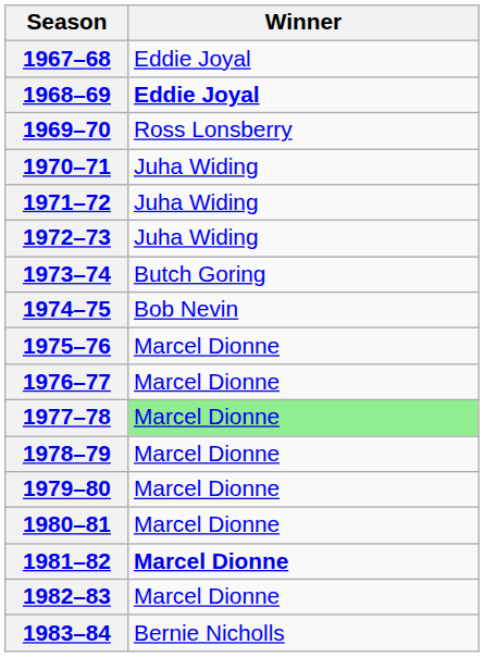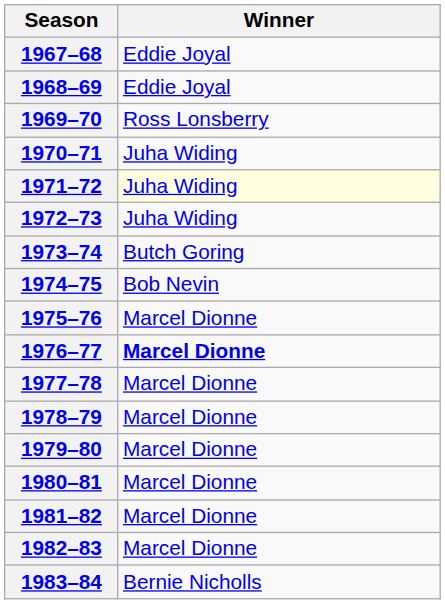 <table class="wikitable">
 <tr>
 <th scope="col" style="width:5em">Season</th>
 <th scope="col" style="width:15em">Winner</th>
 </tr>
 <tr>
 <th scope="row"><a href='#'>1967–68</a></th>
 <td><a href='#'>Eddie Joyal</a></td>
 </tr>
 <tr>
 <th scope="row"><a href='#'>1968–69</a></th>
-<td><strong><a href='#'>Eddie Joyal</a></strong></td>
+<td><a href='#'>Eddie Joyal</a></td>
 </tr>
 <tr>
 <th scope="row"><a href='#'>1969–70</a></th>
 <td><a href='#'>Ross Lonsberry</a></td>
 </tr>
 <tr>
 <th scope="row"><a href='#'>1970–71</a></th>
 <td><a href='#'>Juha Widing</a></td>
 </tr>
 <tr>
 <th scope="row"><a href='#'>1971–72</a></th>
-<td><a href='#'>Juha Widing</a></td>
+<td style="background: lightyellow;"><a href='#'>Juha Widing</a></td>
 </tr>
 <tr>
 <th scope="row"><a href='#'>1972–73</a></th>
 <td><a href='#'>Juha Widing</a></td>
 </tr>
 <tr>
 <th scope="row"><a href='#'>1973–74</a></th>
 <td><a href='#'>Butch Goring</a></td>
 </tr>
 <tr>
 <th scope="row"><a href='#'>1974–75</a></th>
 <td><a href='#'>Bob Nevin</a></td>
 </tr>
 <tr>
 <th scope="row"><a href='#'>1975–76</a></th>
 <td><a href='#'>Marcel Dionne</a></td>
 </tr>
 <tr>
 <th scope="row"><a href='#'>1976–77</a></th>
-<td><a href='#'>Marcel Dionne</a></td>
+<td><strong><a href='#'>Marcel Dionne</a></strong></td>
 </tr>
 <tr>
 <th scope="row"><a href='#'>1977–78</a></th>
-<td style="background: lightgreen;"><a href='#'>Marcel Dionne</a></td>
+<td><a href='#'>Marcel Dionne</a></td>
 </tr>
 <tr>
 <th scope="row"><a href='#'>1978–79</a></th>
 <td><a href='#'>Marcel Dionne</a></td>
 </tr>
 <tr>
 <th scope="row"><a href='#'>1979–80</a></th>
 <td><a href='#'>Marcel Dionne</a></td>
 </tr>
 <tr>
 <th scope="row"><a href='#'>1980–81</a></th>
 <td><a href='#'>Marcel Dionne</a></td>
 </tr>
 <tr>
 <th scope="row"><a href='#'>1981–82</a></th>
-<td><strong><a href='#'>Marcel Dionne</a></strong></td>
+<td><a href='#'>Marcel Dionne</a></td>
 </tr>
 <tr>
 <th scope="row"><a href='#'>1982–83</a></th>
 <td><a href='#'>Marcel Dionne</a></td>
 </tr>
 <tr>
 <th scope="row"><a href='#'>1983–84</a></th>
 <td><a href='#'>Bernie Nicholls</a></td>
 </tr>
 </table>
